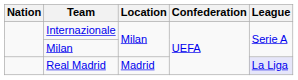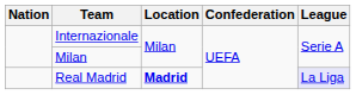 <table class="wikitable sortable">
 <tr>
 <th>Nation</th>
 <th>Team</th>
 <th>Location</th>
 <th>Confederation</th>
 <th>League</th>
 </tr>
 <tr>
 <td rowspan="2"></td>
 <td><a href='#'>Internazionale</a></td>
 <td rowspan="2"><a href='#'>Milan</a></td>
 <td rowspan="3"><a href='#'>UEFA</a></td>
 <td rowspan="2"><a href='#'>Serie A</a></td>
 </tr>
 <tr>
 <td><a href='#'>Milan</a></td>
 </tr>
 <tr>
 <td></td>
 <td><a href='#'>Real Madrid</a></td>
-<td><a href='#'>Madrid</a></td>
+<td><strong><a href='#'>Madrid</a></strong></td>
 <td style="background: lavender;"><a href='#'>La Liga</a></td>
 </tr>
 </table>
